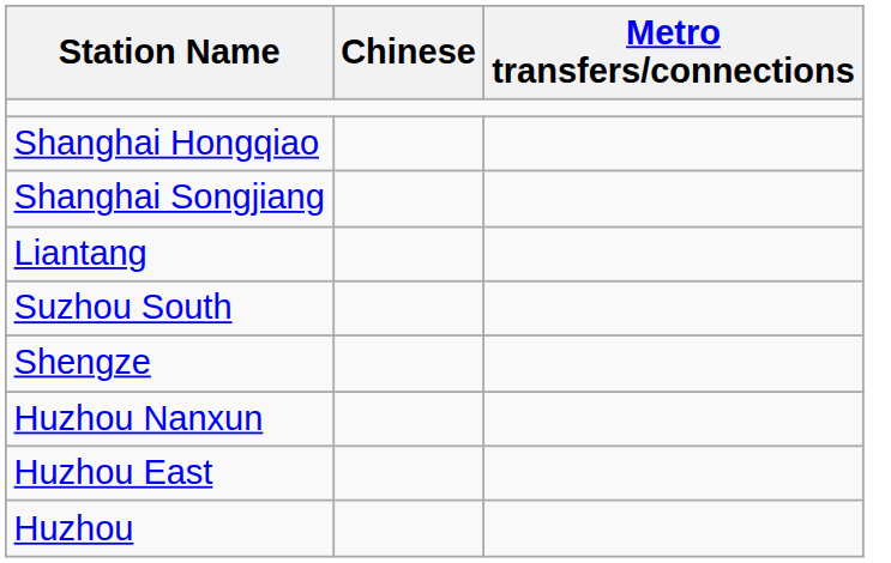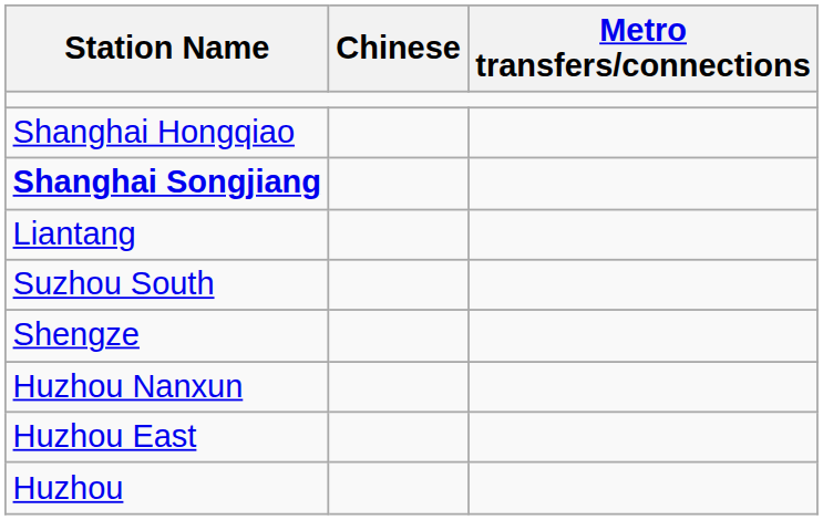 <table class="wikitable">
 <tr>
 <th>Station Name</th>
 <th>Chinese<br> </th>
 <th><a href='#'>Metro</a><br>transfers/connections<br></th>
 </tr>
 <tr style="background:#">
 <td colspan = "11"></td>
 </tr>
 <tr>
 <td><a href='#'>Shanghai Hongqiao</a></td>
 <td></td>
 <td>   </td>
 </tr>
 <tr>
-<td><a href='#'>Shanghai Songjiang</a></td>
+<td><strong><a href='#'>Shanghai Songjiang</a></strong></td>
 <td></td>
 <td> </td>
 </tr>
 <tr>
 <td><a href='#'>Liantang</a></td>
 <td></td>
 <td></td>
 </tr>
 <tr>
 <td><a href='#'>Suzhou South</a></td>
 <td></td>
 <td></td>
 </tr>
 <tr>
 <td><a href='#'>Shengze</a></td>
 <td></td>
 <td></td>
 </tr>
 <tr>
 <td><a href='#'>Huzhou Nanxun</a></td>
 <td></td>
 <td></td>
 </tr>
 <tr>
 <td><a href='#'>Huzhou East</a></td>
 <td></td>
 <td></td>
 </tr>
 <tr>
 <td><a href='#'>Huzhou</a></td>
 <td></td>
 <td></td>
 </tr>
 </table>
